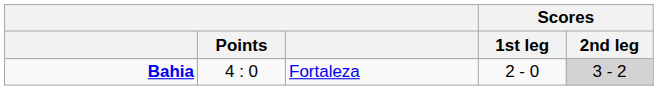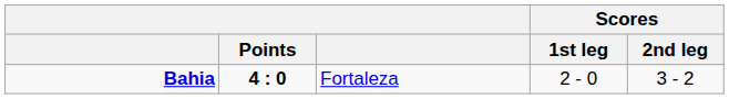 <table class="wikitable" style="text-align:center;">
 <tr>
 <th colspan=3></th>
 <th colspan=3>Scores</th>
 </tr>
 <tr>
 <th width="175"></th>
 <th width="75">Points</th>
 <th width="175"></th>
 <th width="75">1st leg</th>
 <th width="75">2nd leg</th>
 </tr>
 <tr>
 <td align=right><strong><a href='#'>Bahia</a></strong></td>
-<td>4 : 0</td>
+<td><strong>4 : 0</strong></td>
 <td align=left><a href='#'>Fortaleza</a></td>
 <td>2 - 0</td>
-<td style="background: lightgrey;">3 - 2</td>
+<td>3 - 2</td>
 </tr>
 </table>
